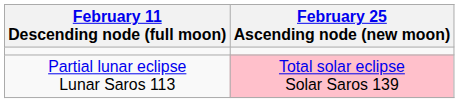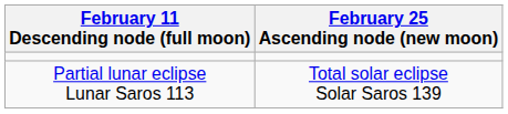 <table class="wikitable">
 <tr>
 <th><a href='#'>February 11</a><br>Descending node (full moon)</th>
 <th><a href='#'>February 25</a><br>Ascending node (new moon)<br></th>
 </tr>
 <tr>
 <td></td>
 <td></td>
 </tr>
 <tr align=center>
 <td><a href='#'>Partial lunar eclipse</a><br>Lunar Saros 113</td>
-<td style="background: pink;"><a href='#'>Total solar eclipse</a><br>Solar Saros 139</td>
+<td><a href='#'>Total solar eclipse</a><br>Solar Saros 139</td>
 </tr>
 </table>
